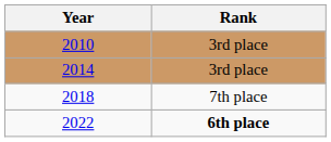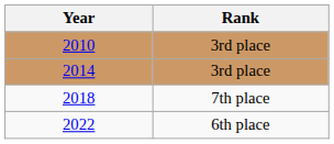 <table class="wikitable" style="text-align: center;font-size:90%;">
 <tr>
 <th width=125>Year</th>
 <th width=150>Rank</th>
 </tr>
 <tr bgcolor="#cc9966">
 <td> <a href='#'>2010</a></td>
 <td>3rd place</td>
 </tr>
 <tr bgcolor="#cc9966">
 <td> <a href='#'>2014</a></td>
 <td>3rd place</td>
 </tr>
 <tr>
 <td> <a href='#'>2018</a></td>
 <td>7th place</td>
 </tr>
 <tr>
 <td> <a href='#'>2022</a></td>
-<td><strong>6th place</strong></td>
+<td>6th place</td>
 </tr>
 </table>
